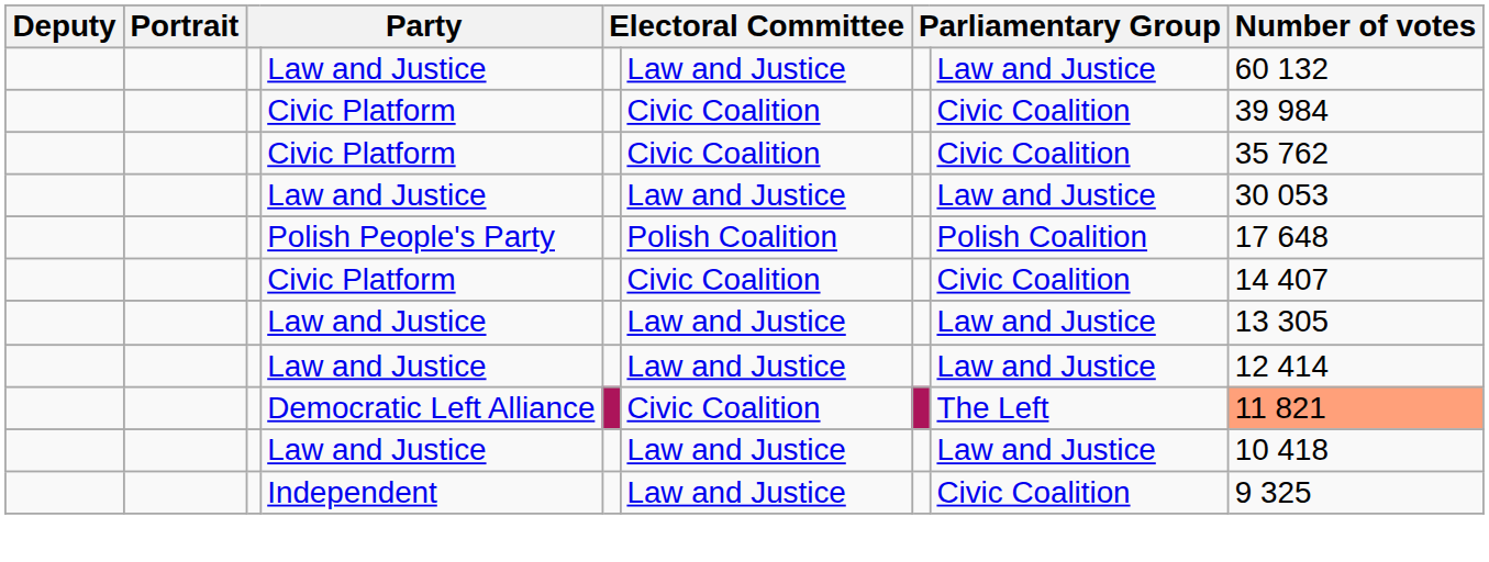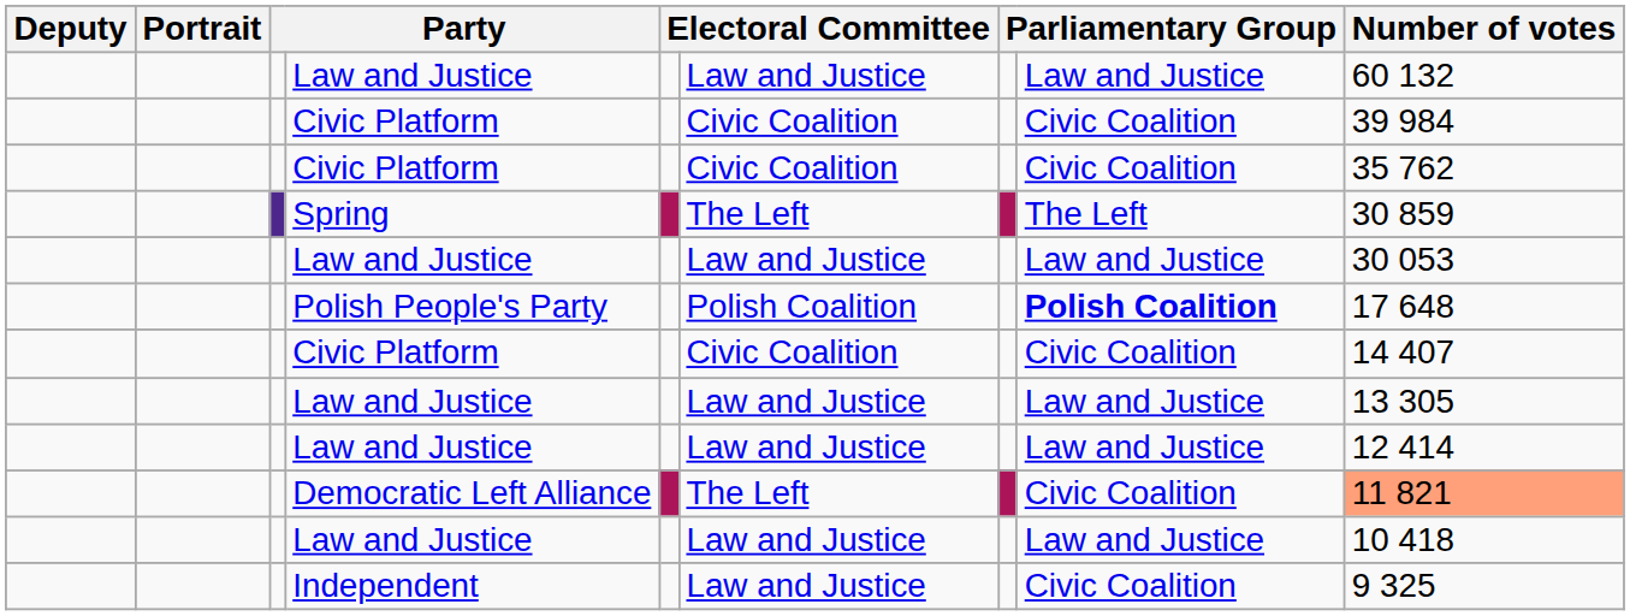 <table class="wikitable sortable" style="font-size:95%;line-height:14px;">
 <tr>
 <th>Deputy</th>
 <th>Portrait</th>
 <th colspan="2">Party</th>
 <th colspan="2">Electoral Committee</th>
 <th colspan="2">Parliamentary Group</th>
 <th>Number of votes</th>
 </tr>
 <tr>
 <td></td>
 <td></td>
 <td style="background:"></td>
 <td><a href='#'>Law and Justice</a></td>
 <td style="background:"></td>
 <td><a href='#'>Law and Justice</a></td>
 <td style="background:"></td>
 <td><a href='#'>Law and Justice</a></td>
 <td>60 132</td>
 </tr>
 <tr>
 <td></td>
 <td></td>
 <td style="background:"></td>
 <td><a href='#'>Civic Platform</a></td>
 <td style="background:"></td>
 <td><a href='#'>Civic Coalition</a></td>
 <td style="background:"></td>
 <td><a href='#'>Civic Coalition</a></td>
 <td>39 984</td>
 </tr>
 <tr>
 <td></td>
 <td></td>
 <td style="background:"></td>
 <td><a href='#'>Civic Platform</a></td>
 <td style="background:"></td>
 <td><a href='#'>Civic Coalition</a></td>
 <td style="background:"></td>
 <td><a href='#'>Civic Coalition</a></td>
 <td>35 762</td>
 </tr>
 <tr>
 <td></td>
 <td></td>
+<td style="background:#4E278C;"></td>
+<td><a href='#'>Spring</a></td>
+<td style="background:#AC145A;"></td>
+<td><a href='#'>The Left</a></td>
+<td style="background:#AC145A;"></td>
+<td><a href='#'>The Left</a></td>
+<td>30 859</td>
+</tr>
+<tr>
+<td></td>
+<td></td>
 <td style="background:"></td>
 <td><a href='#'>Law and Justice</a></td>
 <td style="background:"></td>
 <td><a href='#'>Law and Justice</a></td>
 <td style="background:"></td>
 <td><a href='#'>Law and Justice</a></td>
 <td>30 053</td>
 </tr>
 <tr>
 <td></td>
 <td></td>
 <td style="background:"></td>
 <td><a href='#'>Polish People's Party</a></td>
 <td style="background:"></td>
 <td><a href='#'>Polish Coalition</a></td>
 <td style="background:"></td>
-<td><a href='#'>Polish Coalition</a></td>
+<td><strong><a href='#'>Polish Coalition</a></strong></td>
 <td>17 648</td>
 </tr>
 <tr>
 <td></td>
 <td></td>
 <td style="background:"></td>
 <td><a href='#'>Civic Platform</a></td>
 <td style="background:"></td>
 <td><a href='#'>Civic Coalition</a></td>
 <td style="background:"></td>
 <td><a href='#'>Civic Coalition</a></td>
 <td>14 407</td>
 </tr>
 <tr>
 <td></td>
 <td></td>
 <td style="background:"></td>
 <td><a href='#'>Law and Justice</a></td>
 <td style="background:"></td>
 <td><a href='#'>Law and Justice</a></td>
 <td style="background:"></td>
 <td><a href='#'>Law and Justice</a></td>
 <td>13 305</td>
 </tr>
 <tr>
 <td></td>
 <td></td>
 <td style="background:"></td>
 <td><a href='#'>Law and Justice</a></td>
 <td style="background:"></td>
 <td><a href='#'>Law and Justice</a></td>
 <td style="background:"></td>
 <td><a href='#'>Law and Justice</a></td>
 <td>12 414</td>
 </tr>
 <tr>
 <td></td>
 <td></td>
 <td style="background:"></td>
 <td><a href='#'>Democratic Left Alliance</a></td>
 <td style="background:#AC145A;"></td>
+<td><a href='#'>The Left</a></td>
+<td style="background:#AC145A;"></td>
 <td><a href='#'>Civic Coalition</a></td>
-<td style="background:#AC145A;"></td>
-<td><a href='#'>The Left</a></td>
 <td style="background: lightsalmon;">11 821</td>
 </tr>
 <tr>
 <td></td>
 <td></td>
 <td style="background:"></td>
 <td><a href='#'>Law and Justice</a></td>
 <td style="background:"></td>
 <td><a href='#'>Law and Justice</a></td>
 <td style="background:"></td>
 <td><a href='#'>Law and Justice</a></td>
 <td>10 418</td>
 </tr>
 <tr>
 <td></td>
 <td></td>
 <td style="background:"></td>
 <td><a href='#'>Independent</a></td>
 <td style="background:"></td>
 <td><a href='#'>Law and Justice</a></td>
 <td style="background:"></td>
 <td><a href='#'>Civic Coalition</a></td>
 <td>9 325</td>
 </tr>
 </table>
